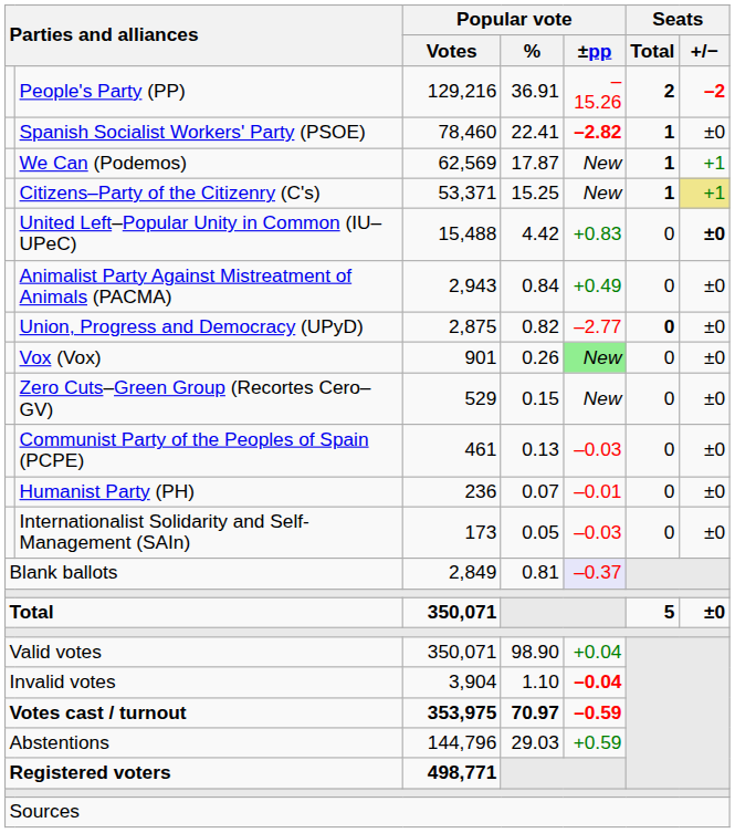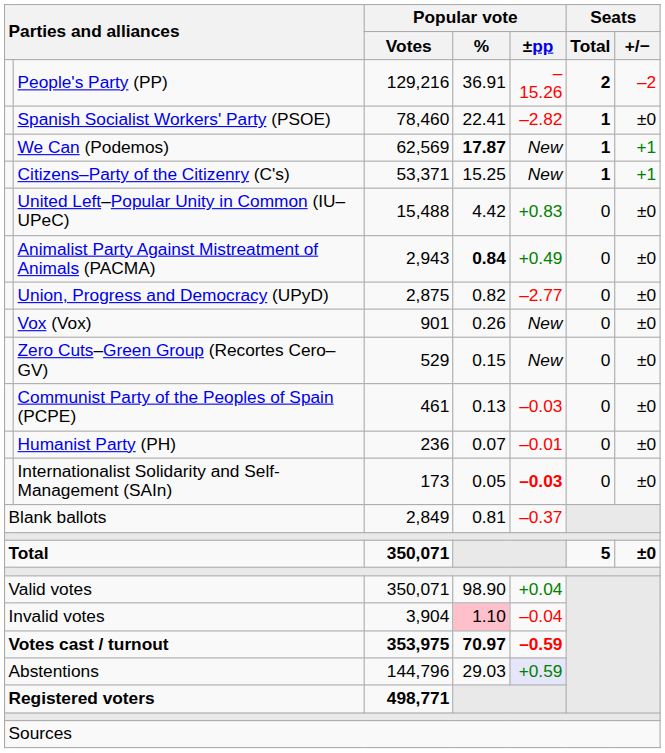 <table class="wikitable" style="text-align:right;">
 <tr>
 <th style="text-align:left;" rowspan="2" colspan="2" width="525">Parties and alliances</th>
 <th colspan="3">Popular vote</th>
 <th colspan="2">Seats</th>
 </tr>
 <tr>
 <th width="75">Votes</th>
 <th width="45">%</th>
 <th width="45">±<a href='#'>pp</a></th>
 <th width="35">Total</th>
 <th width="35">+/−</th>
 </tr>
 <tr>
 <td width="1" style="color:inherit;background:"></td>
 <td align="left"><a href='#'>People's Party</a> (PP)</td>
 <td>129,216</td>
 <td>36.91</td>
 <td style="color:red;">–15.26</td>
 <td><strong>2</strong></td>
-<td style="color:red;"><strong>–2</strong></td>
+<td style="color:red;">–2</td>
 </tr>
 <tr>
 <td style="color:inherit;background:"></td>
 <td align="left"><a href='#'>Spanish Socialist Workers' Party</a> (PSOE)</td>
 <td>78,460</td>
 <td>22.41</td>
-<td style="color:red;"><strong>–2.82</strong></td>
+<td style="color:red;">–2.82</td>
 <td><strong>1</strong></td>
 <td>±0</td>
 </tr>
 <tr>
 <td style="color:inherit;background:"></td>
 <td align="left"><a href='#'>We Can</a> (Podemos)</td>
 <td>62,569</td>
-<td>17.87</td>
+<td><strong>17.87</strong></td>
 <td><em>New</em></td>
 <td><strong>1</strong></td>
 <td style="color:green;">+1</td>
 </tr>
 <tr>
 <td style="color:inherit;background:"></td>
 <td align="left"><a href='#'>Citizens–Party of the Citizenry</a> (C's)</td>
 <td>53,371</td>
 <td>15.25</td>
 <td><em>New</em></td>
 <td><strong>1</strong></td>
-<td style="background: khaki; color:green;">+1</td>
+<td style="color:green;">+1</td>
 </tr>
 <tr>
 <td style="color:inherit;background:"></td>
 <td align="left"><a href='#'>United Left</a>–<a href='#'>Popular Unity in Common</a> (IU–UPeC)</td>
 <td>15,488</td>
 <td>4.42</td>
 <td style="color:green;">+0.83</td>
 <td>0</td>
-<td><strong>±0</strong></td>
+<td>±0</td>
 </tr>
 <tr>
 <td style="color:inherit;background:"></td>
 <td align="left"><a href='#'>Animalist Party Against Mistreatment of Animals</a> (PACMA)</td>
 <td>2,943</td>
-<td>0.84</td>
+<td><strong>0.84</strong></td>
 <td style="color:green;">+0.49</td>
 <td>0</td>
 <td>±0</td>
 </tr>
 <tr>
 <td style="color:inherit;background:"></td>
 <td align="left"><a href='#'>Union, Progress and Democracy</a> (UPyD)</td>
 <td>2,875</td>
 <td>0.82</td>
 <td style="color:red;">–2.77</td>
-<td><strong>0</strong></td>
+<td>0</td>
 <td>±0</td>
 </tr>
 <tr>
 <td style="color:inherit;background:"></td>
 <td align="left"><a href='#'>Vox</a> (Vox)</td>
 <td>901</td>
 <td>0.26</td>
-<td style="background: lightgreen;"><em>New</em></td>
+<td><em>New</em></td>
 <td>0</td>
 <td>±0</td>
 </tr>
 <tr>
 <td style="color:inherit;background:"></td>
 <td align="left"><a href='#'>Zero Cuts</a>–<a href='#'>Green Group</a> (Recortes Cero–GV)</td>
 <td>529</td>
 <td>0.15</td>
 <td><em>New</em></td>
 <td>0</td>
 <td>±0</td>
 </tr>
 <tr>
 <td style="color:inherit;background:"></td>
 <td align="left"><a href='#'>Communist Party of the Peoples of Spain</a> (PCPE)</td>
 <td>461</td>
 <td>0.13</td>
 <td style="color:red;">–0.03</td>
 <td>0</td>
 <td>±0</td>
 </tr>
 <tr>
 <td style="color:inherit;background:"></td>
 <td align="left"><a href='#'>Humanist Party</a> (PH)</td>
 <td>236</td>
 <td>0.07</td>
 <td style="color:red;">–0.01</td>
 <td>0</td>
 <td>±0</td>
 </tr>
 <tr>
 <td style="color:inherit;background:"></td>
 <td align="left">Internationalist Solidarity and Self-Management (SAIn)</td>
 <td>173</td>
 <td>0.05</td>
-<td style="color:red;">–0.03</td>
+<td style="color:red;"><strong>–0.03</strong></td>
 <td>0</td>
 <td>±0</td>
 </tr>
 <tr>
 <td align="left" colspan="2">Blank ballots</td>
 <td>2,849</td>
 <td>0.81</td>
-<td style="background: lavender; color:red;">–0.37</td>
+<td style="color:red;">–0.37</td>
 <td bgcolor="#E9E9E9" colspan="2"></td>
 </tr>
 <tr>
 <td colspan="7" bgcolor="#E9E9E9"></td>
 </tr>
 <tr style="font-weight:bold;">
 <td align="left" colspan="2">Total</td>
 <td>350,071</td>
 <td bgcolor="#E9E9E9" colspan="2"></td>
 <td>5</td>
 <td>±0</td>
 </tr>
 <tr>
 <td colspan="7" bgcolor="#E9E9E9"></td>
 </tr>
 <tr>
 <td align="left" colspan="2">Valid votes</td>
 <td>350,071</td>
 <td>98.90</td>
 <td style="color:green;">+0.04</td>
 <td bgcolor="#E9E9E9" colspan="2" rowspan="5"></td>
 </tr>
 <tr>
 <td align="left" colspan="2">Invalid votes</td>
 <td>3,904</td>
-<td>1.10</td>
-<td style="color:red;"><strong>–0.04</strong></td>
+<td style="background: pink;">1.10</td>
+<td style="color:red;">–0.04</td>
 </tr>
 <tr style="font-weight:bold;">
 <td align="left" colspan="2">Votes cast / turnout</td>
 <td>353,975</td>
 <td>70.97</td>
 <td style="color:red;">–0.59</td>
 </tr>
 <tr>
 <td align="left" colspan="2">Abstentions</td>
 <td>144,796</td>
 <td>29.03</td>
-<td style="color:green;">+0.59</td>
+<td style="background: lavender; color:green;">+0.59</td>
 </tr>
 <tr style="font-weight:bold;">
 <td align="left" colspan="2">Registered voters</td>
 <td>498,771</td>
 <td bgcolor="#E9E9E9" colspan="2"></td>
 </tr>
 <tr>
 <td colspan="7" bgcolor="#E9E9E9"></td>
 </tr>
 <tr>
 <td align="left" colspan="7">Sources</td>
 </tr>
 </table>
